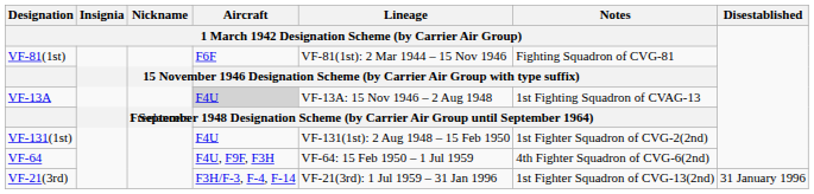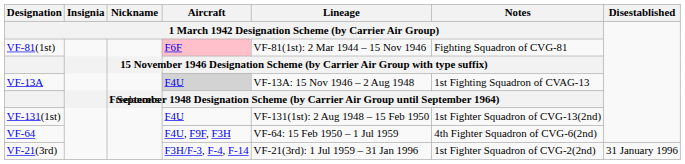 <table class="wikitable">
 <tr>
 <th>Designation</th>
 <th>Insignia</th>
 <th>Nickname</th>
 <th>Aircraft</th>
 <th>Lineage</th>
 <th>Notes</th>
 <th>Disestablished</th>
 </tr>
 <tr>
 <th colspan=6>1 March 1942 Designation Scheme (by Carrier Air Group)</th>
 </tr>
 <tr>
 <td><a href='#'>VF-81</a>(1st)</td>
 <td rowspan="7"></td>
 <td rowspan="7">Freelancers</td>
-<td><a href='#'>F6F</a></td>
+<td style="background: pink;"><a href='#'>F6F</a></td>
 <td>VF-81(1st): 2 Mar 1944 – 15 Nov 1946</td>
 <td>Fighting Squadron of CVG-81</td>
 </tr>
 <tr>
 <th colspan=6>15 November 1946 Designation Scheme (by Carrier Air Group with type suffix)</th>
 </tr>
 <tr>
 <td><a href='#'>VF-13A</a></td>
 <td style="background: lightgrey;"><a href='#'>F4U</a></td>
 <td>VF-13A: 15 Nov 1946 – 2 Aug 1948</td>
 <td>1st Fighting Squadron of CVAG-13</td>
 </tr>
 <tr>
 <th colspan=6>1 September 1948 Designation Scheme (by Carrier Air Group until September 1964)</th>
 </tr>
 <tr>
 <td><a href='#'>VF-131</a>(1st)</td>
 <td><a href='#'>F4U</a></td>
 <td style="white-space: nowrap;">VF-131(1st): 2 Aug 1948 – 15 Feb 1950</td>
-<td>1st Fighter Squadron of CVG-2(2nd)</td>
+<td>1st Fighter Squadron of CVG-13(2nd)</td>
 </tr>
 <tr>
 <td><a href='#'>VF-64</a></td>
 <td><a href='#'>F4U</a>, <a href='#'>F9F</a>, <a href='#'>F3H</a></td>
 <td>VF-64: 15 Feb 1950 – 1 Jul 1959</td>
 <td>4th Fighter Squadron of CVG-6(2nd)</td>
 </tr>
 <tr>
 <td><a href='#'>VF-21</a>(3rd)</td>
 <td><a href='#'>F3H/F-3</a>, <a href='#'>F-4</a>, <a href='#'>F-14</a></td>
 <td>VF-21(3rd): 1 Jul 1959 – 31 Jan 1996</td>
-<td>1st Fighter Squadron of CVG-13(2nd)</td>
+<td>1st Fighter Squadron of CVG-2(2nd)</td>
 <td>31 January 1996</td>
 </tr>
 </table>
